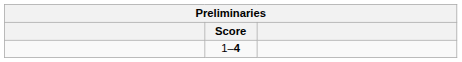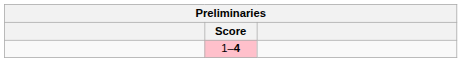 <table class="wikitable" style="text-align: center; font-size:90% ">
 <tr>
 <th colspan=3>Preliminaries</th>
 </tr>
 <tr>
 <th align=right width=250></th>
 <th width=60>Score</th>
 <th align=left width=250></th>
 </tr>
 <tr>
 <td align=left></td>
-<td>1–<strong>4</strong></td>
+<td style="background: pink;">1–<strong>4</strong></td>
 <td align=left><strong></strong></td>
 </tr>
 </table>
